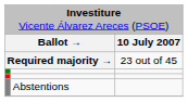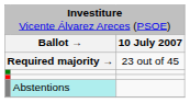 <table class="wikitable" style="text-align:center; font-size:98%;">
 <tr>
 <td colspan="4" align="center" bgcolor="#C0C0C0"><strong>Investiture</strong><br><a href='#'>Vicente Álvarez Areces</a> (<a href='#'>PSOE</a>)</td>
 </tr>
 <tr>
 <th colspan="2" width="150px">Ballot →</th>
 <th>10 July 2007</th>
 </tr>
 <tr>
 <th colspan="2">Required majority →</th>
 <td>23 out of 45 </td>
 </tr>
 <tr>
 <th width="1px" style="background:green;"></th>
 <td align="left"></td>
 <td></td>
 </tr>
 <tr>
 <th style="background:red;"></th>
 <td align="left"></td>
 <td></td>
 </tr>
 <tr>
 <th style="background:gray;"></th>
-<td align="left">Abstentions</td>
+<td align="left" style="background: paleturquoise;">Abstentions</td>
 <td></td>
 </tr>
 <tr>
 </tr>
 </table>
